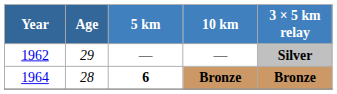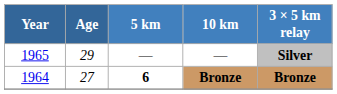 <table class="wikitable" style="font-size:95%; text-align:center; border:grey solid 1px; border-collapse:collapse; background:#ffffff;">
 <tr>
 <th style="background-color:#369; color:white; width:60px;"> Year </th>
 <th style="background-color:#369; color:white; width:40px;"> Age </th>
 <th style="background-color:#4180be; color:white; width:75px;"> 5 km </th>
 <th style="background-color:#4180be; color:white; width:75px;"> 10 km </th>
 <th style="background-color:#4180be; color:white; width:75px;"> 3 × 5 km <br> relay </th>
 </tr>
 <tr>
-<td><a href='#'>1962</a></td>
+<td><a href='#'>1965</a></td>
 <td><em>29</em></td>
 <td>—</td>
 <td>—</td>
 <td style="background:silver;"><strong>Silver</strong></td>
 </tr>
 <tr>
 <td><a href='#'>1964</a></td>
-<td><em>28</em></td>
+<td><em>27</em></td>
 <td><strong>6</strong></td>
 <td bgcolor="cc9966"><strong>Bronze</strong></td>
 <td bgcolor="cc9966"><strong>Bronze</strong></td>
 </tr>
 <tr>
 </tr>
 </table>
